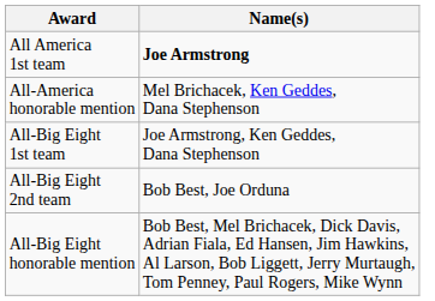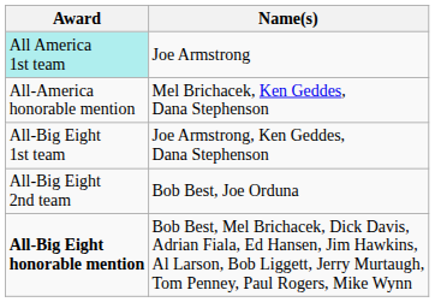 <table class="wikitable">
 <tr>
 <th>Award</th>
 <th>Name(s)</th>
 </tr>
 <tr>
-<td>All America<br>1st team</td>
-<td><strong>Joe Armstrong</strong></td>
+<td style="background: paleturquoise;">All America<br>1st team</td>
+<td>Joe Armstrong</td>
 </tr>
 <tr>
 <td>All-America<br>honorable mention</td>
 <td>Mel Brichacek, <a href='#'>Ken Geddes</a>,<br>Dana Stephenson</td>
 </tr>
 <tr>
 <td>All-Big Eight<br>1st team</td>
 <td>Joe Armstrong, Ken Geddes,<br>Dana Stephenson</td>
 </tr>
 <tr>
 <td>All-Big Eight<br>2nd team</td>
 <td>Bob Best, Joe Orduna</td>
 </tr>
 <tr>
-<td>All-Big Eight<br>honorable mention</td>
+<td><strong>All-Big Eight<br>honorable mention</strong></td>
 <td>Bob Best, Mel Brichacek, Dick Davis,<br>Adrian Fiala, Ed Hansen, Jim Hawkins,<br>Al Larson, Bob Liggett, Jerry Murtaugh,<br>Tom Penney, Paul Rogers, Mike Wynn</td>
 </tr>
 </table>
